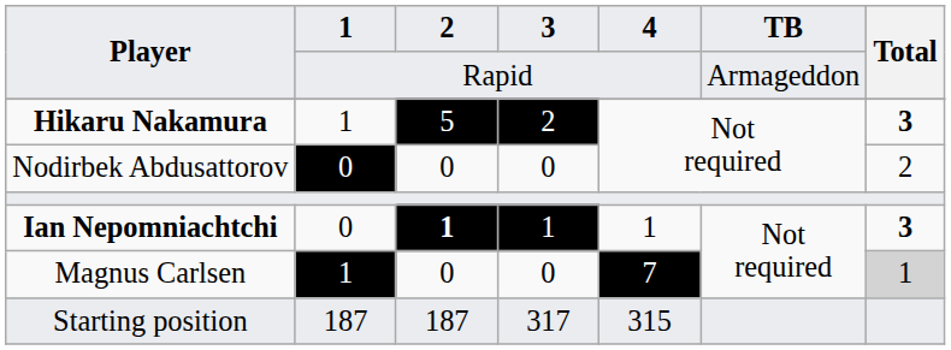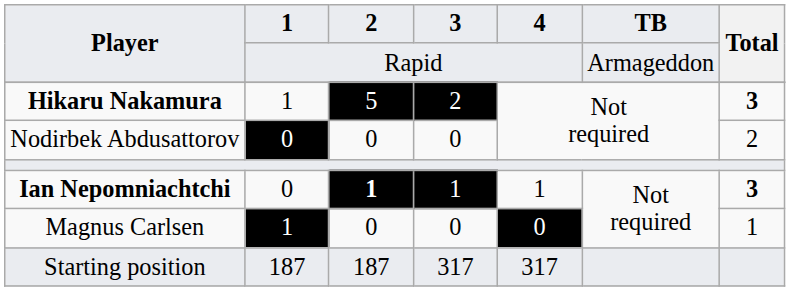 <table class="wikitable">
 <tr>
 <th rowspan = "2" style="background-color: #eaecf0">Player</th>
 <th style="width: 3em;background-color: #eaecf0">1</th>
 <th style="width: 3em;background-color: #eaecf0">2</th>
 <th style="width: 3em;background-color: #eaecf0">3</th>
 <th style="width: 3em;background-color: #eaecf0">4</th>
 <th style="width: 3em;background-color: #eaecf0">TB</th>
 <th rowspan= "2">Total</th>
 </tr>
 <tr style="text-align:center">
 <td style="background-color: #eaecf0" colspan="4">Rapid</td>
 <td style="background-color: #eaecf0">Armageddon</td>
 </tr>
 <tr>
 </tr>
 <tr style="text-align:center">
 </tr>
 <tr>
 <td style="text-align:center"> <strong>Hikaru Nakamura</strong></td>
 <td style="text-align:center">1</td>
 <td style="text-align:center; background:black; color:white">5</td>
 <td style="text-align:center; background:black; color:white">2</td>
 <td style="text-align:center" rowspan="2" colspan="2">Not<br>required</td>
 <td style="text-align:center"><strong>3</strong></td>
 </tr>
 <tr>
 <td style="text-align:center"> Nodirbek Abdusattorov</td>
 <td style="text-align:center; background:black; color:white">0</td>
 <td style="text-align:center">0</td>
 <td style="text-align:center">0</td>
 <td style="text-align:center">2</td>
 </tr>
 <tr>
 <td colspan="15" style="background:#eaecf0"></td>
 </tr>
 <tr>
 <td style="text-align:center"> <strong>Ian Nepomniachtchi</strong></td>
 <td style="text-align:center">0</td>
 <td style="text-align:center; background:black; color:white"><strong>1</strong></td>
 <td style="text-align:center; background:black; color:white">1</td>
 <td style="text-align:center">1</td>
 <td style="text-align:center" rowspan="2">Not<br>required</td>
 <td style="text-align:center"><strong>3</strong></td>
 </tr>
 <tr>
 <td style="text-align:center"> Magnus Carlsen</td>
 <td style="text-align:center; background:black; color:white">1</td>
 <td style="text-align:center">0</td>
 <td style="text-align:center">0</td>
-<td style="text-align:center; background:black; color:white">7</td>
-<td style="background: lightgrey; text-align:center">1</td>
+<td style="text-align:center; background:black; color:white">0</td>
+<td style="text-align:center">1</td>
 </tr>
 <tr style="background-color: #eaecf0">
 <td style="text-align:center">Starting position</td>
 <td style="text-align:center">187</td>
 <td style="text-align:center">187</td>
 <td style="text-align:center">317</td>
-<td style="text-align:center">315</td>
+<td style="text-align:center">317</td>
 <td style="text-align:center"></td>
 <td></td>
 </tr>
 </table>
